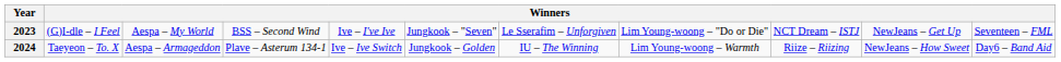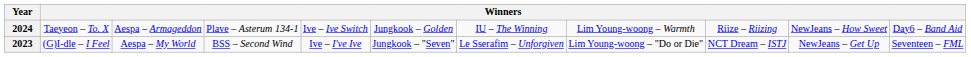 <table class="wikitable plainrowheaders" style="text-align: center">
 <tr>
 <th scope="col" width="50">Year</th>
 <th scope="col" colspan="10">Winners</th>
+</tr>
+<tr>
+<th scope="row" style="text-align:center;">2024</th>
+<td><a href='#'>Taeyeon</a> – <em><a href='#'>To. X</a></em></td>
+<td><a href='#'>Aespa</a> – <em><a href='#'>Armageddon</a></em></td>
+<td><a href='#'>Plave</a> – <em>Asterum 134-1</em></td>
+<td><a href='#'>Ive</a> – <em><a href='#'>Ive Switch</a></em></td>
+<td><a href='#'>Jungkook</a> – <em><a href='#'>Golden</a></em></td>
+<td><a href='#'>IU</a> – <em><a href='#'>The Winning</a></em></td>
+<td><a href='#'>Lim Young-woong</a> – <em>Warmth</em></td>
+<td><a href='#'>Riize</a> – <em><a href='#'>Riizing</a></em></td>
+<td><a href='#'>NewJeans</a> – <em><a href='#'>How Sweet</a></em></td>
+<td><a href='#'>Day6</a> – <em><a href='#'>Band Aid</a></em></td>
 </tr>
 <tr>
 <th scope="row" style="text-align:center;">2023</th>
 <td><a href='#'>(G)I-dle</a> – <em><a href='#'>I Feel</a></em></td>
 <td><a href='#'>Aespa</a> – <em><a href='#'>My World</a></em></td>
 <td><a href='#'>BSS</a> – <em>Second Wind</em></td>
 <td><a href='#'>Ive</a> – <em><a href='#'>I've Ive</a></em></td>
 <td><a href='#'>Jungkook</a> – "<a href='#'>Seven</a>"  </td>
 <td><a href='#'>Le Sserafim</a> – <em><a href='#'>Unforgiven</a></em></td>
 <td><a href='#'>Lim Young-woong</a> – "Do or Die"</td>
 <td><a href='#'>NCT Dream</a> – <em><a href='#'>ISTJ</a></em></td>
 <td><a href='#'>NewJeans</a> – <em><a href='#'>Get Up</a></em></td>
 <td><a href='#'>Seventeen</a> – <em><a href='#'>FML</a></em></td>
 </tr>
-<tr>
-<th scope="row" style="text-align:center;">2024</th>
-<td><a href='#'>Taeyeon</a> – <em><a href='#'>To. X</a></em></td>
-<td><a href='#'>Aespa</a> – <em><a href='#'>Armageddon</a></em></td>
-<td><a href='#'>Plave</a> – <em>Asterum 134-1</em></td>
-<td><a href='#'>Ive</a> – <em><a href='#'>Ive Switch</a></em></td>
-<td><a href='#'>Jungkook</a> – <em><a href='#'>Golden</a></em></td>
-<td><a href='#'>IU</a> – <em><a href='#'>The Winning</a></em></td>
-<td><a href='#'>Lim Young-woong</a> – <em>Warmth</em></td>
-<td><a href='#'>Riize</a> – <em><a href='#'>Riizing</a></em></td>
-<td><a href='#'>NewJeans</a> – <em><a href='#'>How Sweet</a></em></td>
-<td><a href='#'>Day6</a> – <em><a href='#'>Band Aid</a></em></td>
-</tr>
 </table>
